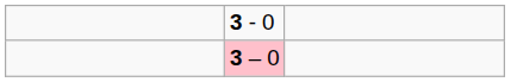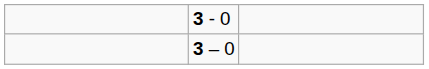 <table class="wikitable">
 <tr>
 <td width=150></td>
 <td><strong>3</strong> - 0</td>
 <td width=150></td>
 </tr>
 <tr>
 <td></td>
-<td style="background: pink;"><strong>3</strong> – 0</td>
+<td><strong>3</strong> – 0</td>
 <td></td>
 </tr>
 </table>
